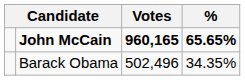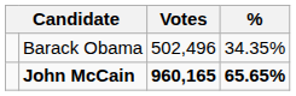 <table class="wikitable">
 <tr>
 <th colspan="2"  style="text-align:center; vertical-align:top;"><strong>Candidate</strong></th>
 <th valign="top"><strong>Votes</strong></th>
 <th valign="top"><strong>%</strong></th>
 </tr>
 <tr>
 <td style="background-color:"> </td>
+<td>Barack Obama</td>
+<td>502,496</td>
+<td>34.35%</td>
+</tr>
+<tr>
+<td style="background-color:"> </td>
 <td><strong>John McCain</strong></td>
 <td><strong>960,165</strong></td>
 <td><strong>65.65%</strong></td>
 </tr>
-<tr>
-<td style="background-color:"> </td>
-<td>Barack Obama</td>
-<td>502,496</td>
-<td>34.35%</td>
-</tr>
 </table>
